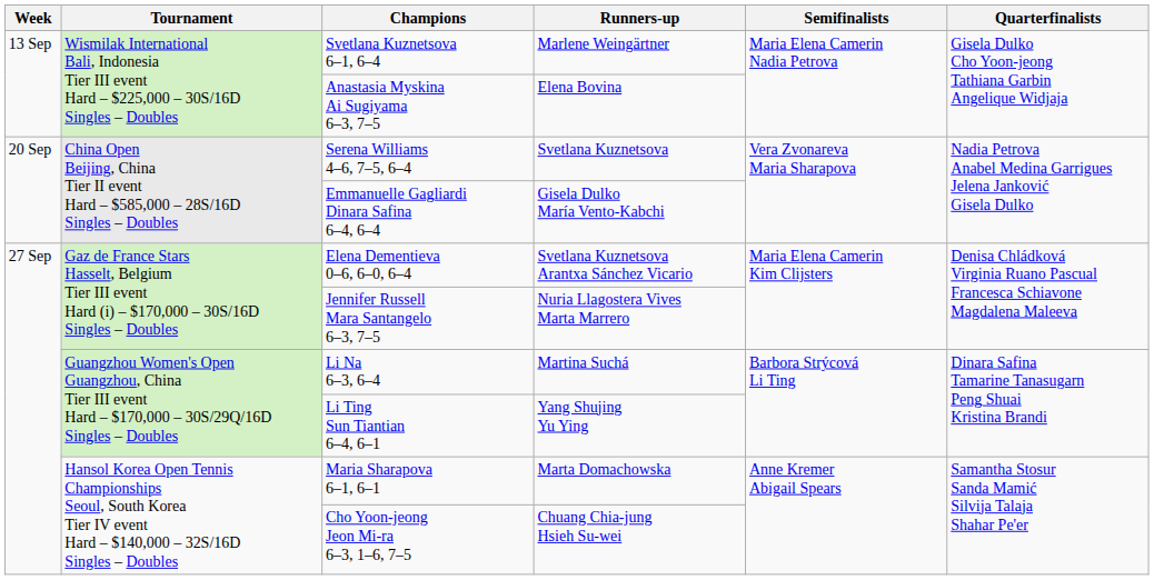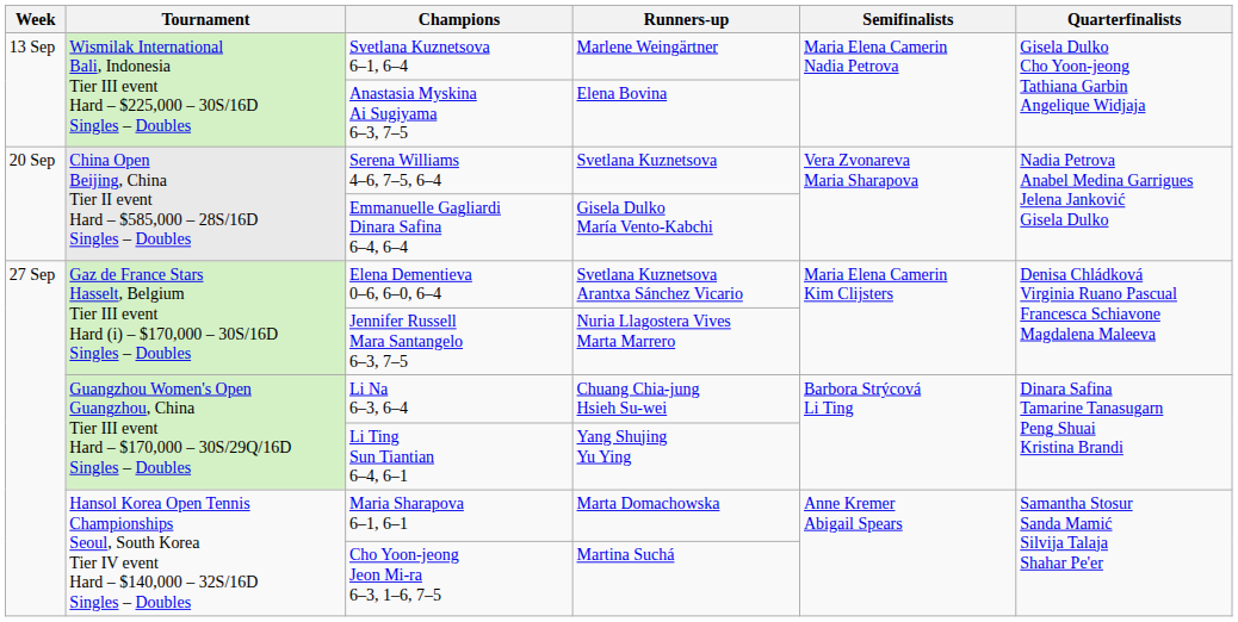 <table class=wikitable style=font-size:95%>
 <tr>
 <th style="width:48px;">Week</th>
 <th style="width:248px;">Tournament</th>
 <th style="width:200px;">Champions</th>
 <th style="width:200px;">Runners-up</th>
 <th style="width:190px;">Semifinalists</th>
 <th style="width:190px;">Quarterfinalists</th>
 </tr>
 <tr valign="top">
 <td rowspan=2>13 Sep</td>
 <td rowspan=2 style="background:#d4f1c5;"><a href='#'>Wismilak International</a><br> <a href='#'>Bali</a>, Indonesia <br>Tier III event<br>Hard – $225,000 – 30S/16D<br><a href='#'>Singles</a> – <a href='#'>Doubles</a></td>
 <td> <a href='#'>Svetlana Kuznetsova</a> <br> 6–1, 6–4</td>
 <td> <a href='#'>Marlene Weingärtner</a></td>
 <td rowspan=2> <a href='#'>Maria Elena Camerin</a><br> <a href='#'>Nadia Petrova</a></td>
 <td rowspan=2> <a href='#'>Gisela Dulko</a>  <br>  <a href='#'>Cho Yoon-jeong</a> <br> <a href='#'>Tathiana Garbin</a><br>   <a href='#'>Angelique Widjaja</a></td>
 </tr>
 <tr valign="top">
 <td> <a href='#'>Anastasia Myskina</a> <br>  <a href='#'>Ai Sugiyama</a><br>6–3, 7–5</td>
 <td> <a href='#'>Elena Bovina</a></td>
 </tr>
 <tr valign="top">
 <td rowspan=2>20 Sep</td>
 <td rowspan=2 style="background:#e9e9e9;"><a href='#'>China Open</a><br> <a href='#'>Beijing</a>, China <br>Tier II event<br>Hard – $585,000 – 28S/16D<br> <a href='#'>Singles</a> – <a href='#'>Doubles</a></td>
 <td> <a href='#'>Serena Williams</a> <br> 4–6, 7–5, 6–4</td>
 <td> <a href='#'>Svetlana Kuznetsova</a></td>
 <td rowspan=2> <a href='#'>Vera Zvonareva</a><br> <a href='#'>Maria Sharapova</a></td>
 <td rowspan=2> <a href='#'>Nadia Petrova</a>  <br>  <a href='#'>Anabel Medina Garrigues</a> <br> <a href='#'>Jelena Janković</a><br>   <a href='#'>Gisela Dulko</a></td>
 </tr>
 <tr valign="top">
 <td> <a href='#'>Emmanuelle Gagliardi</a> <br>  <a href='#'>Dinara Safina</a><br>6–4, 6–4</td>
 <td> <a href='#'>Gisela Dulko</a> <br>  <a href='#'>María Vento-Kabchi</a></td>
 </tr>
 <tr valign="top">
 <td rowspan=6>27 Sep</td>
 <td rowspan=2 style="background:#d4f1c5;"><a href='#'>Gaz de France Stars</a><br> <a href='#'>Hasselt</a>, Belgium <br>Tier III event<br>Hard (i) – $170,000 – 30S/16D<br><a href='#'>Singles</a> – <a href='#'>Doubles</a></td>
 <td> <a href='#'>Elena Dementieva</a> <br> 0–6, 6–0, 6–4</td>
 <td> <a href='#'>Svetlana Kuznetsova</a> <br>  <a href='#'>Arantxa Sánchez Vicario</a></td>
 <td rowspan=2> <a href='#'>Maria Elena Camerin</a><br> <a href='#'>Kim Clijsters</a></td>
 <td rowspan=2> <a href='#'>Denisa Chládková</a>  <br>  <a href='#'>Virginia Ruano Pascual</a> <br> <a href='#'>Francesca Schiavone</a><br>   <a href='#'>Magdalena Maleeva</a></td>
 </tr>
 <tr valign="top">
 <td> <a href='#'>Jennifer Russell</a> <br>  <a href='#'>Mara Santangelo</a><br>6–3, 7–5</td>
 <td> <a href='#'>Nuria Llagostera Vives</a> <br>  <a href='#'>Marta Marrero</a></td>
 </tr>
 <tr valign="top">
 <td rowspan=2 style="background:#d4f1c5;"><a href='#'>Guangzhou Women's Open</a><br> <a href='#'>Guangzhou</a>, China <br>Tier III event<br>Hard – $170,000 – 30S/29Q/16D<br><a href='#'>Singles</a> – <a href='#'>Doubles</a></td>
 <td> <a href='#'>Li Na</a> <br> 6–3, 6–4</td>
-<td> <a href='#'>Martina Suchá</a></td>
+<td> <a href='#'>Chuang Chia-jung</a> <br>  <a href='#'>Hsieh Su-wei</a></td>
 <td rowspan=2> <a href='#'>Barbora Strýcová</a><br> <a href='#'>Li Ting</a></td>
 <td rowspan=2> <a href='#'>Dinara Safina</a>  <br>  <a href='#'>Tamarine Tanasugarn</a> <br> <a href='#'>Peng Shuai</a><br>   <a href='#'>Kristina Brandi</a></td>
 </tr>
 <tr valign="top">
 <td> <a href='#'>Li Ting</a> <br>  <a href='#'>Sun Tiantian</a><br>6–4, 6–1</td>
 <td> <a href='#'>Yang Shujing</a> <br>  <a href='#'>Yu Ying</a></td>
 </tr>
 <tr valign="top">
 <td rowspan=2><a href='#'>Hansol Korea Open Tennis Championships</a><br> <a href='#'>Seoul</a>, South Korea <br>Tier IV event<br>Hard – $140,000 – 32S/16D<br><a href='#'>Singles</a> – <a href='#'>Doubles</a></td>
 <td> <a href='#'>Maria Sharapova</a> <br> 6–1, 6–1</td>
 <td> <a href='#'>Marta Domachowska</a></td>
 <td rowspan=2> <a href='#'>Anne Kremer</a><br> <a href='#'>Abigail Spears</a></td>
 <td rowspan=2> <a href='#'>Samantha Stosur</a>  <br>  <a href='#'>Sanda Mamić</a> <br> <a href='#'>Silvija Talaja</a><br>   <a href='#'>Shahar Pe'er</a></td>
 </tr>
 <tr valign="top">
 <td> <a href='#'>Cho Yoon-jeong</a> <br>  <a href='#'>Jeon Mi-ra</a><br>6–3, 1–6, 7–5</td>
-<td> <a href='#'>Chuang Chia-jung</a> <br>  <a href='#'>Hsieh Su-wei</a></td>
+<td> <a href='#'>Martina Suchá</a></td>
 </tr>
 </table>
